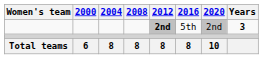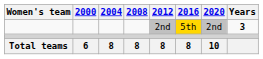 <table class="wikitable" style="text-align: center; font-size: 90%; margin-left: 1em;">
 <tr>
 <th>Women's team</th>
 <th><a href='#'>2000</a></th>
 <th><a href='#'>2004</a></th>
 <th><a href='#'>2008</a></th>
 <th><a href='#'>2012</a></th>
 <th><a href='#'>2016</a></th>
 <th><a href='#'>2020</a></th>
 <th>Years</th>
 </tr>
 <tr>
 <td style="text-align: left;"></td>
 <td></td>
 <td></td>
 <td></td>
-<td style="background-color: silver;"><strong>2nd</strong></td>
-<td>5th</td>
+<td style="background-color: silver;">2nd</td>
+<td style="background: gold;">5th</td>
 <td style="background-color: silver;">2nd</td>
 <td><strong>3</strong></td>
 </tr>
 <tr style="background-color: lightgrey;">
 <td colspan="8"></td>
 </tr>
 <tr>
 <th>Total teams</th>
 <th>6</th>
 <th>8</th>
 <th>8</th>
 <th>8</th>
 <th>8</th>
 <th>10</th>
 <th></th>
 </tr>
 </table>
